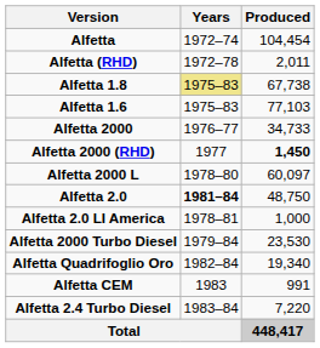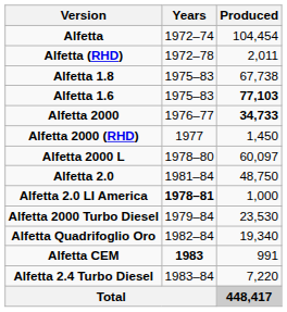 <table class="wikitable" style="text-align:center; font-size:90%; float:right">
 <tr>
 <th>Version</th>
 <th>Years</th>
 <th>Produced</th>
 </tr>
 <tr>
 <td><strong>Alfetta</strong></td>
 <td>1972–74</td>
 <td align="right">104,454</td>
 </tr>
 <tr>
 <td><strong>Alfetta  (<a href='#'>RHD</a>)</strong></td>
 <td>1972–78</td>
 <td align="right">2,011</td>
 </tr>
 <tr>
 <td><strong>Alfetta 1.8</strong></td>
-<td style="background: khaki;">1975–83</td>
+<td>1975–83</td>
 <td align="right">67,738</td>
 </tr>
 <tr>
 <td><strong>Alfetta 1.6</strong></td>
 <td>1975–83</td>
-<td align="right">77,103</td>
+<td align="right"><strong>77,103</strong></td>
 </tr>
 <tr>
 <td><strong>Alfetta 2000</strong></td>
 <td>1976–77</td>
-<td align="right">34,733</td>
+<td align="right"><strong>34,733</strong></td>
 </tr>
 <tr>
 <td><strong>Alfetta 2000 (<a href='#'>RHD</a>)</strong></td>
 <td>1977</td>
-<td align="right"><strong>1,450</strong></td>
+<td align="right">1,450</td>
 </tr>
 <tr>
 <td><strong>Alfetta 2000 L</strong></td>
 <td>1978–80</td>
 <td align="right">60,097</td>
 </tr>
 <tr>
 <td><strong>Alfetta 2.0</strong></td>
-<td><strong>1981–84</strong></td>
+<td>1981–84</td>
 <td align="right">48,750</td>
 </tr>
 <tr>
 <td><strong>Alfetta 2.0 LI America</strong></td>
-<td>1978–81</td>
+<td><strong>1978–81</strong></td>
 <td align="right">1,000</td>
 </tr>
 <tr>
 <td><strong>Alfetta 2000 Turbo Diesel</strong></td>
 <td>1979–84</td>
 <td align="right">23,530</td>
 </tr>
 <tr>
 <td><strong>Alfetta Quadrifoglio Oro</strong></td>
 <td>1982–84</td>
 <td align="right">19,340</td>
 </tr>
 <tr>
 <td><strong>Alfetta CEM</strong></td>
-<td>1983</td>
+<td><strong>1983</strong></td>
 <td align="right">991</td>
 </tr>
 <tr>
 <td><strong>Alfetta 2.4 Turbo Diesel</strong></td>
 <td>1983–84</td>
 <td align="right">7,220</td>
 </tr>
 <tr>
 <th colspan="2"><strong>Total</strong></th>
 <th style="background:#CCCCCC;" align="right"><strong>448,417</strong></th>
 </tr>
 </table>
